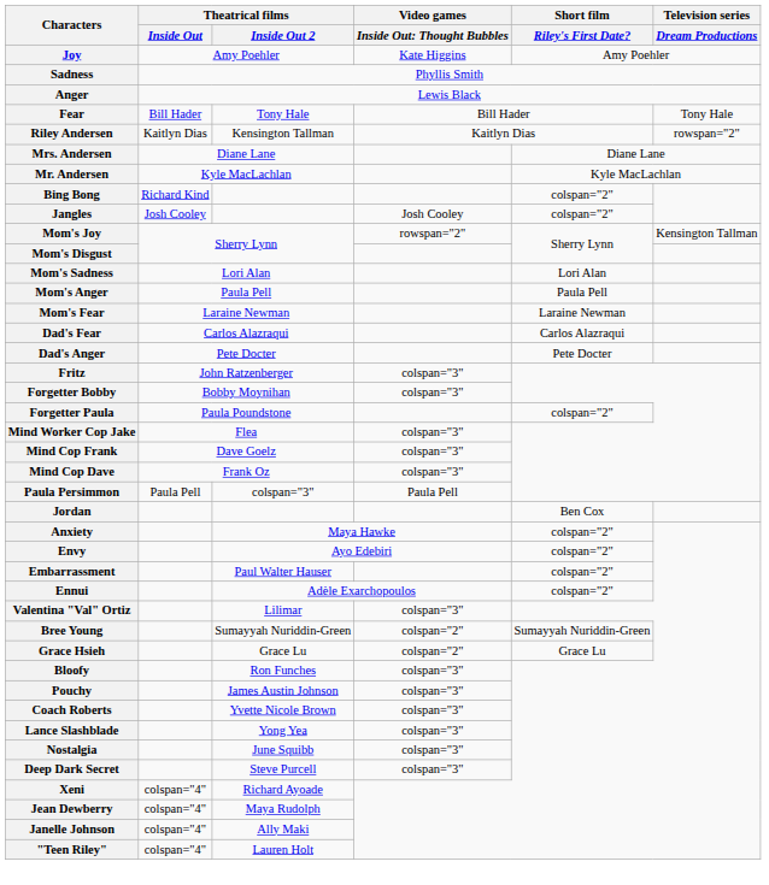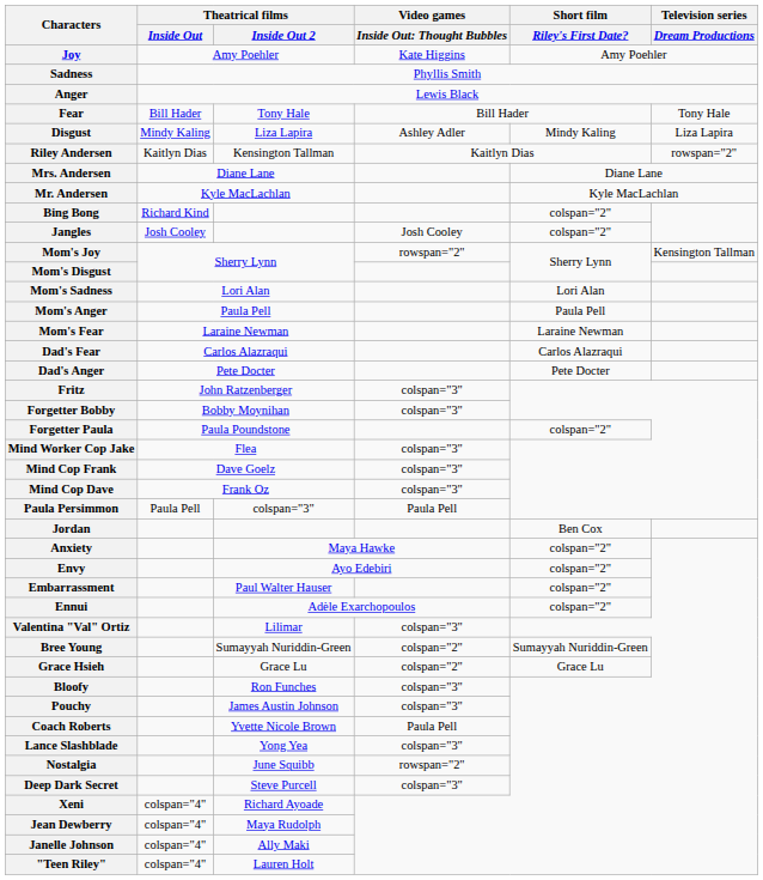 <table class="wikitable plainrowheaders" style="text-align:center;">
 <tr>
 <th rowspan="2">Characters</th>
 <th colspan="2">Theatrical films</th>
 <th>Video games</th>
 <th>Short film</th>
 <th>Television series</th>
 </tr>
 <tr>
 <th><em><a href='#'>Inside Out</a></em></th>
 <th><em><a href='#'>Inside Out 2</a></em></th>
 <th><em>Inside Out: Thought Bubbles</em></th>
 <th><em><a href='#'>Riley's First Date?</a></em></th>
 <th><em><a href='#'>Dream Productions</a></em></th>
 </tr>
 <tr>
 <th><a href='#'>Joy</a></th>
 <td colspan="2"><a href='#'>Amy Poehler</a></td>
 <td><a href='#'>Kate Higgins</a></td>
 <td colspan="2">Amy Poehler</td>
 </tr>
 <tr>
 <th>Sadness</th>
 <td colspan="5"><a href='#'>Phyllis Smith</a></td>
 </tr>
 <tr>
 <th>Anger</th>
 <td colspan="5"><a href='#'>Lewis Black</a></td>
 </tr>
 <tr>
 <th>Fear</th>
 <td><a href='#'>Bill Hader</a></td>
 <td><a href='#'>Tony Hale</a></td>
 <td colspan="2">Bill Hader</td>
 <td>Tony Hale</td>
+</tr>
+<tr>
+<th>Disgust</th>
+<td><a href='#'>Mindy Kaling</a></td>
+<td><a href='#'>Liza Lapira</a></td>
+<td>Ashley Adler</td>
+<td>Mindy Kaling</td>
+<td>Liza Lapira</td>
 </tr>
 <tr>
 <th>Riley Andersen</th>
 <td>Kaitlyn Dias</td>
 <td>Kensington Tallman</td>
 <td colspan="2">Kaitlyn Dias</td>
 <td>rowspan="2" </td>
 </tr>
 <tr>
 <th>Mrs. Andersen</th>
 <td colspan="2"><a href='#'>Diane Lane</a></td>
 <td></td>
 <td colspan="2">Diane Lane</td>
 </tr>
 <tr>
 <th>Mr. Andersen</th>
 <td colspan="2"><a href='#'>Kyle MacLachlan</a></td>
 <td></td>
 <td colspan="2">Kyle MacLachlan</td>
 </tr>
 <tr>
 <th>Bing Bong</th>
 <td><a href='#'>Richard Kind</a></td>
 <td></td>
 <td></td>
 <td>colspan="2" </td>
 </tr>
 <tr>
 <th>Jangles</th>
 <td><a href='#'>Josh Cooley</a></td>
 <td></td>
 <td>Josh Cooley</td>
 <td>colspan="2" </td>
 </tr>
 <tr>
 <th>Mom's Joy</th>
 <td rowspan="2" colspan="2"><a href='#'>Sherry Lynn</a></td>
 <td>rowspan="2" </td>
 <td rowspan="2">Sherry Lynn</td>
 <td>Kensington Tallman</td>
 </tr>
 <tr>
 <th>Mom's Disgust</th>
 </tr>
 <tr>
 <th>Mom's Sadness</th>
 <td colspan="2"><a href='#'>Lori Alan</a></td>
 <td></td>
 <td>Lori Alan</td>
 <td></td>
 </tr>
 <tr>
 <th>Mom's Anger</th>
 <td colspan="2"><a href='#'>Paula Pell</a></td>
 <td></td>
 <td>Paula Pell</td>
 <td></td>
 </tr>
 <tr>
 <th>Mom's Fear</th>
 <td colspan="2"><a href='#'>Laraine Newman</a></td>
 <td></td>
 <td>Laraine Newman</td>
 <td></td>
 </tr>
 <tr>
 <th>Dad's Fear</th>
 <td colspan="2"><a href='#'>Carlos Alazraqui</a></td>
 <td></td>
 <td>Carlos Alazraqui</td>
 <td></td>
 </tr>
 <tr>
 <th>Dad's Anger</th>
 <td colspan="2"><a href='#'>Pete Docter</a></td>
 <td></td>
 <td>Pete Docter</td>
 <td></td>
 </tr>
 <tr>
 <th>Fritz</th>
 <td colspan="2"><a href='#'>John Ratzenberger</a></td>
 <td>colspan="3" </td>
 </tr>
 <tr>
 <th>Forgetter Bobby</th>
 <td colspan="2"><a href='#'>Bobby Moynihan</a></td>
 <td>colspan="3" </td>
 </tr>
 <tr>
 <th>Forgetter Paula</th>
 <td colspan="2"><a href='#'>Paula Poundstone</a></td>
 <td></td>
 <td>colspan="2" </td>
 </tr>
 <tr>
 <th>Mind Worker Cop Jake</th>
 <td colspan="2"><a href='#'>Flea</a></td>
 <td>colspan="3" </td>
 </tr>
 <tr>
 <th>Mind Cop Frank</th>
 <td colspan="2"><a href='#'>Dave Goelz</a></td>
 <td>colspan="3" </td>
 </tr>
 <tr>
 <th>Mind Cop Dave</th>
 <td colspan="2"><a href='#'>Frank Oz</a></td>
 <td>colspan="3" </td>
 </tr>
 <tr>
 <th>Paula Persimmon</th>
 <td>Paula Pell</td>
 <td>colspan="3" </td>
 <td>Paula Pell</td>
 </tr>
 <tr>
 <th>Jordan</th>
 <td></td>
 <td></td>
 <td></td>
 <td>Ben Cox</td>
 <td></td>
 </tr>
 <tr>
 <th>Anxiety</th>
 <td></td>
 <td colspan="2"><a href='#'>Maya Hawke</a></td>
 <td>colspan="2" </td>
 </tr>
 <tr>
 <th>Envy</th>
 <td></td>
 <td colspan="2"><a href='#'>Ayo Edebiri</a></td>
 <td>colspan="2" </td>
 </tr>
 <tr>
 <th>Embarrassment</th>
 <td></td>
 <td><a href='#'>Paul Walter Hauser</a></td>
 <td></td>
 <td>colspan="2" </td>
 </tr>
 <tr>
 <th>Ennui</th>
 <td></td>
 <td colspan="2"><a href='#'>Adèle Exarchopoulos</a></td>
 <td>colspan="2" </td>
 </tr>
 <tr>
 <th>Valentina "Val" Ortiz</th>
 <td></td>
 <td><a href='#'>Lilimar</a></td>
 <td>colspan="3" </td>
 </tr>
 <tr>
 <th>Bree Young</th>
 <td></td>
 <td>Sumayyah Nuriddin-Green</td>
 <td>colspan="2" </td>
 <td>Sumayyah Nuriddin-Green</td>
 </tr>
 <tr>
 <th>Grace Hsieh</th>
 <td></td>
 <td>Grace Lu</td>
 <td>colspan="2" </td>
 <td>Grace Lu</td>
 </tr>
 <tr>
 <th>Bloofy</th>
 <td></td>
 <td><a href='#'>Ron Funches</a></td>
 <td>colspan="3" </td>
 </tr>
 <tr>
 <th>Pouchy</th>
 <td></td>
 <td><a href='#'>James Austin Johnson</a></td>
 <td>colspan="3" </td>
 </tr>
 <tr>
 <th>Coach Roberts</th>
 <td></td>
 <td><a href='#'>Yvette Nicole Brown</a></td>
-<td>colspan="3" </td>
+<td>Paula Pell</td>
 </tr>
 <tr>
 <th>Lance Slashblade</th>
 <td></td>
 <td><a href='#'>Yong Yea</a></td>
 <td>colspan="3" </td>
 </tr>
 <tr>
 <th>Nostalgia</th>
 <td></td>
 <td><a href='#'>June Squibb</a></td>
-<td>colspan="3" </td>
+<td>rowspan="2" </td>
 </tr>
 <tr>
 <th>Deep Dark Secret</th>
 <td></td>
 <td><a href='#'>Steve Purcell</a></td>
 <td>colspan="3" </td>
 </tr>
 <tr>
 <th>Xeni</th>
 <td>colspan="4" </td>
 <td><a href='#'>Richard Ayoade</a></td>
 </tr>
 <tr>
 <th>Jean Dewberry</th>
 <td>colspan="4" </td>
 <td><a href='#'>Maya Rudolph</a></td>
 </tr>
 <tr>
 <th>Janelle Johnson</th>
 <td>colspan="4" </td>
 <td><a href='#'>Ally Maki</a></td>
 </tr>
 <tr>
 <th>"Teen Riley"</th>
 <td>colspan="4" </td>
 <td><a href='#'>Lauren Holt</a></td>
 </tr>
 </table>
